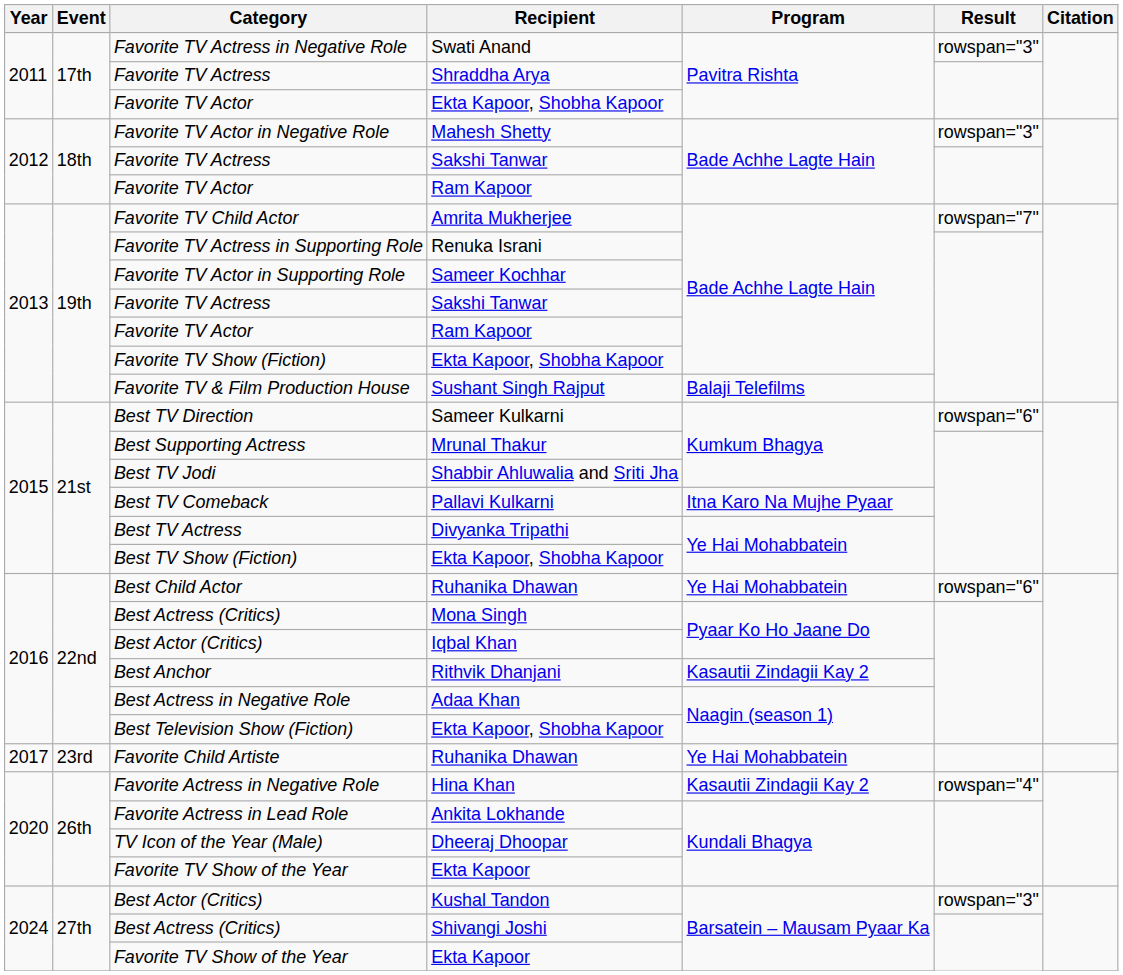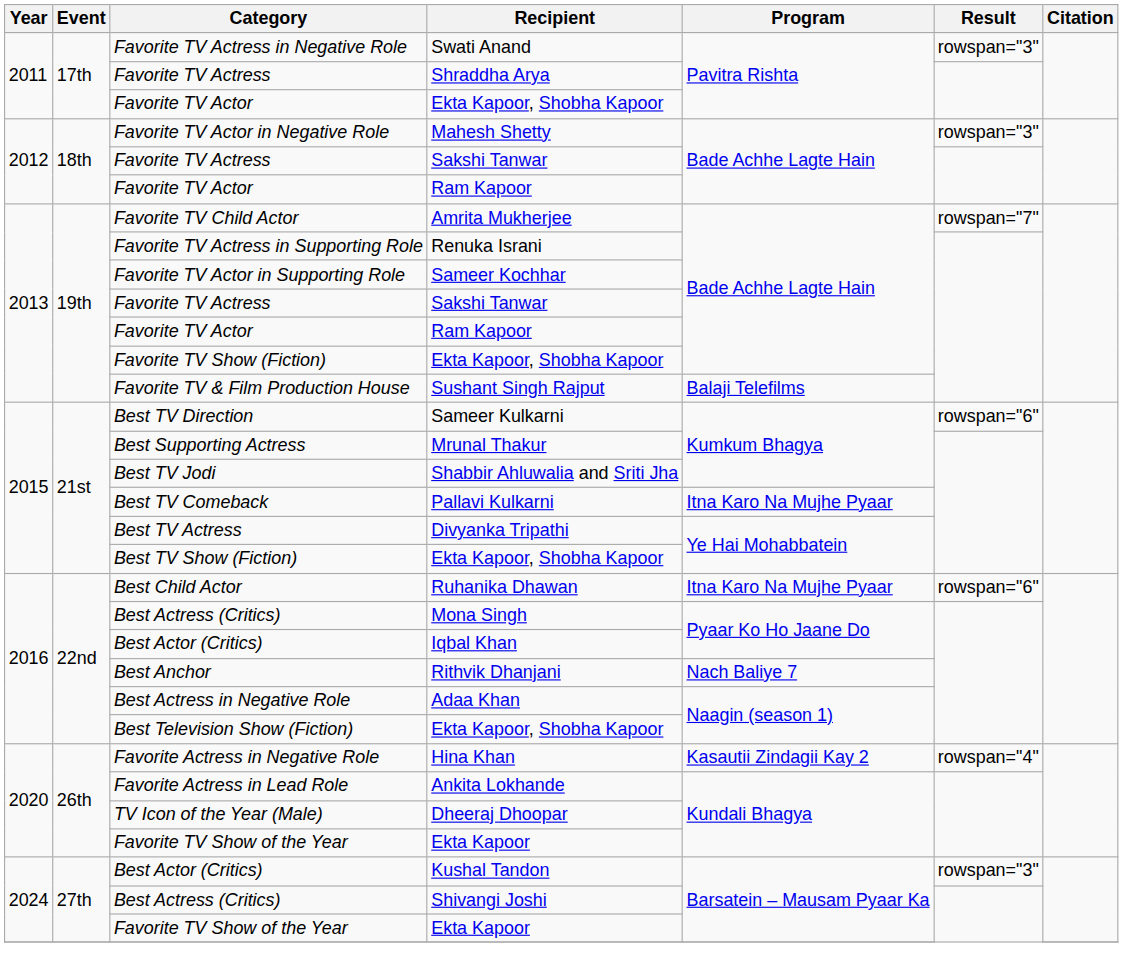 <table class="wikitable">
 <tr>
 <th>Year</th>
 <th>Event</th>
 <th>Category</th>
 <th>Recipient</th>
 <th>Program</th>
 <th>Result</th>
 <th>Citation</th>
 </tr>
 <tr>
 <td rowspan="3">2011</td>
 <td rowspan="3">17th</td>
 <td><em>Favorite TV Actress in Negative Role</em></td>
 <td>Swati Anand</td>
 <td rowspan="3"><a href='#'>Pavitra Rishta</a></td>
 <td>rowspan="3" </td>
 <td rowspan="3"></td>
 </tr>
 <tr>
 <td><em>Favorite TV Actress</em></td>
 <td><a href='#'>Shraddha Arya</a></td>
 </tr>
 <tr>
 <td><em>Favorite TV Actor</em></td>
 <td><a href='#'>Ekta Kapoor</a>, <a href='#'>Shobha Kapoor</a></td>
 </tr>
 <tr>
 <td rowspan="3">2012</td>
 <td rowspan="3">18th</td>
 <td><em>Favorite TV Actor in Negative Role</em></td>
 <td><a href='#'>Mahesh Shetty</a></td>
 <td rowspan="3"><a href='#'>Bade Achhe Lagte Hain</a></td>
 <td>rowspan="3" </td>
 <td rowspan="3"></td>
 </tr>
 <tr>
 <td><em>Favorite TV Actress</em></td>
 <td><a href='#'>Sakshi Tanwar</a></td>
 </tr>
 <tr>
 <td><em>Favorite TV Actor</em></td>
 <td><a href='#'>Ram Kapoor</a></td>
 </tr>
 <tr>
 <td rowspan="7">2013</td>
 <td rowspan="7">19th</td>
 <td><em>Favorite TV Child Actor</em></td>
 <td><a href='#'>Amrita Mukherjee</a></td>
 <td rowspan="6"><a href='#'>Bade Achhe Lagte Hain</a></td>
 <td>rowspan="7" </td>
 <td rowspan="7"></td>
 </tr>
 <tr>
 <td><em>Favorite TV Actress in Supporting Role</em></td>
 <td>Renuka Israni</td>
 </tr>
 <tr>
 <td><em>Favorite TV Actor in Supporting Role</em></td>
 <td><a href='#'>Sameer Kochhar</a></td>
 </tr>
 <tr>
 <td><em>Favorite TV Actress</em></td>
 <td><a href='#'>Sakshi Tanwar</a></td>
 </tr>
 <tr>
 <td><em>Favorite TV Actor</em></td>
 <td><a href='#'>Ram Kapoor</a></td>
 </tr>
 <tr>
 <td><em>Favorite TV Show (Fiction)</em></td>
 <td><a href='#'>Ekta Kapoor</a>, <a href='#'>Shobha Kapoor</a></td>
 </tr>
 <tr>
 <td><em>Favorite TV & Film Production House</em></td>
 <td><a href='#'>Sushant Singh Rajput</a></td>
 <td><a href='#'>Balaji Telefilms</a></td>
 </tr>
 <tr>
 <td rowspan="6">2015</td>
 <td rowspan="6">21st</td>
 <td><em>Best TV Direction</em></td>
 <td>Sameer Kulkarni</td>
 <td rowspan="3"><a href='#'>Kumkum Bhagya</a></td>
 <td>rowspan="6" </td>
 <td rowspan="6"></td>
 </tr>
 <tr>
 <td><em>Best Supporting Actress</em></td>
 <td><a href='#'>Mrunal Thakur</a></td>
 </tr>
 <tr>
 <td><em>Best TV Jodi</em></td>
 <td><a href='#'>Shabbir Ahluwalia</a> and <a href='#'>Sriti Jha</a></td>
 </tr>
 <tr>
 <td><em>Best TV Comeback</em></td>
 <td><a href='#'>Pallavi Kulkarni</a></td>
 <td><a href='#'>Itna Karo Na Mujhe Pyaar</a></td>
 </tr>
 <tr>
 <td><em>Best TV Actress</em></td>
 <td><a href='#'>Divyanka Tripathi</a></td>
 <td rowspan="2"><a href='#'>Ye Hai Mohabbatein</a></td>
 </tr>
 <tr>
 <td><em>Best TV Show (Fiction)</em></td>
 <td><a href='#'>Ekta Kapoor</a>, <a href='#'>Shobha Kapoor</a></td>
 </tr>
 <tr>
 <td rowspan="6">2016</td>
 <td rowspan="6">22nd</td>
 <td><em>Best Child Actor</em></td>
 <td><a href='#'>Ruhanika Dhawan</a></td>
-<td><a href='#'>Ye Hai Mohabbatein</a></td>
+<td><a href='#'>Itna Karo Na Mujhe Pyaar</a></td>
 <td>rowspan="6" </td>
 <td rowspan="6"></td>
 </tr>
 <tr>
 <td><em>Best Actress (Critics)</em></td>
 <td><a href='#'>Mona Singh</a></td>
 <td rowspan="2"><a href='#'>Pyaar Ko Ho Jaane Do</a></td>
 </tr>
 <tr>
 <td><em>Best Actor (Critics)</em></td>
 <td><a href='#'>Iqbal Khan</a></td>
 </tr>
 <tr>
 <td><em>Best Anchor</em></td>
 <td><a href='#'>Rithvik Dhanjani</a></td>
-<td><a href='#'>Kasautii Zindagii Kay 2</a></td>
+<td><a href='#'>Nach Baliye 7</a></td>
 </tr>
 <tr>
 <td><em>Best Actress in Negative Role</em></td>
 <td><a href='#'>Adaa Khan</a></td>
 <td rowspan="2"><a href='#'>Naagin (season 1)</a></td>
 </tr>
 <tr>
 <td><em>Best Television Show (Fiction)</em></td>
 <td><a href='#'>Ekta Kapoor</a>, <a href='#'>Shobha Kapoor</a></td>
-</tr>
-<tr>
-<td>2017</td>
-<td>23rd</td>
-<td><em>Favorite Child Artiste</em></td>
-<td><a href='#'>Ruhanika Dhawan</a></td>
-<td><a href='#'>Ye Hai Mohabbatein</a></td>
-<td></td>
-<td></td>
 </tr>
 <tr>
 <td rowspan="4">2020</td>
 <td rowspan="4">26th</td>
 <td><em>Favorite Actress in Negative Role</em></td>
 <td><a href='#'>Hina Khan</a></td>
 <td><a href='#'>Kasautii Zindagii Kay 2</a></td>
 <td>rowspan="4" </td>
 <td rowspan="4"></td>
 </tr>
 <tr>
 <td><em>Favorite Actress in Lead Role</em></td>
 <td><a href='#'>Ankita Lokhande</a></td>
 <td rowspan="3"><a href='#'>Kundali Bhagya</a></td>
 </tr>
 <tr>
 <td><em>TV Icon of the Year (Male)</em></td>
 <td><a href='#'>Dheeraj Dhoopar</a></td>
 </tr>
 <tr>
 <td><em>Favorite TV Show of the Year</em></td>
 <td><a href='#'>Ekta Kapoor</a></td>
 </tr>
 <tr>
 <td rowspan="3">2024</td>
 <td rowspan="3">27th</td>
 <td><em>Best Actor (Critics)</em></td>
 <td><a href='#'>Kushal Tandon</a></td>
 <td rowspan="3"><a href='#'>Barsatein – Mausam Pyaar Ka</a></td>
 <td>rowspan="3" </td>
 <td rowspan="3"></td>
 </tr>
 <tr>
 <td><em>Best Actress (Critics)</em></td>
 <td><a href='#'>Shivangi Joshi</a></td>
 </tr>
 <tr>
 <td><em>Favorite TV Show of the Year</em></td>
 <td><a href='#'>Ekta Kapoor</a></td>
 </tr>
 <tr>
 </tr>
 </table>
